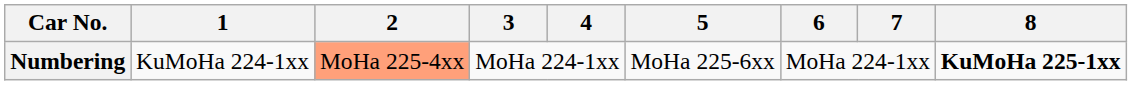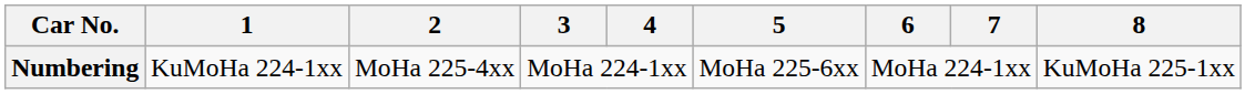 <table class="wikitable">
 <tr>
 <th>Car No.</th>
 <th>1</th>
 <th>2</th>
 <th>3</th>
 <th>4</th>
 <th>5</th>
 <th>6</th>
 <th>7</th>
 <th>8</th>
 </tr>
 <tr>
 <th>Numbering</th>
 <td>KuMoHa 224-1xx</td>
-<td style="background: lightsalmon;">MoHa 225-4xx</td>
+<td>MoHa 225-4xx</td>
 <td colspan="2">MoHa 224-1xx</td>
 <td>MoHa 225-6xx</td>
 <td colspan="2">MoHa 224-1xx</td>
-<td><strong>KuMoHa 225-1xx</strong></td>
+<td>KuMoHa 225-1xx</td>
 </tr>
 </table>
